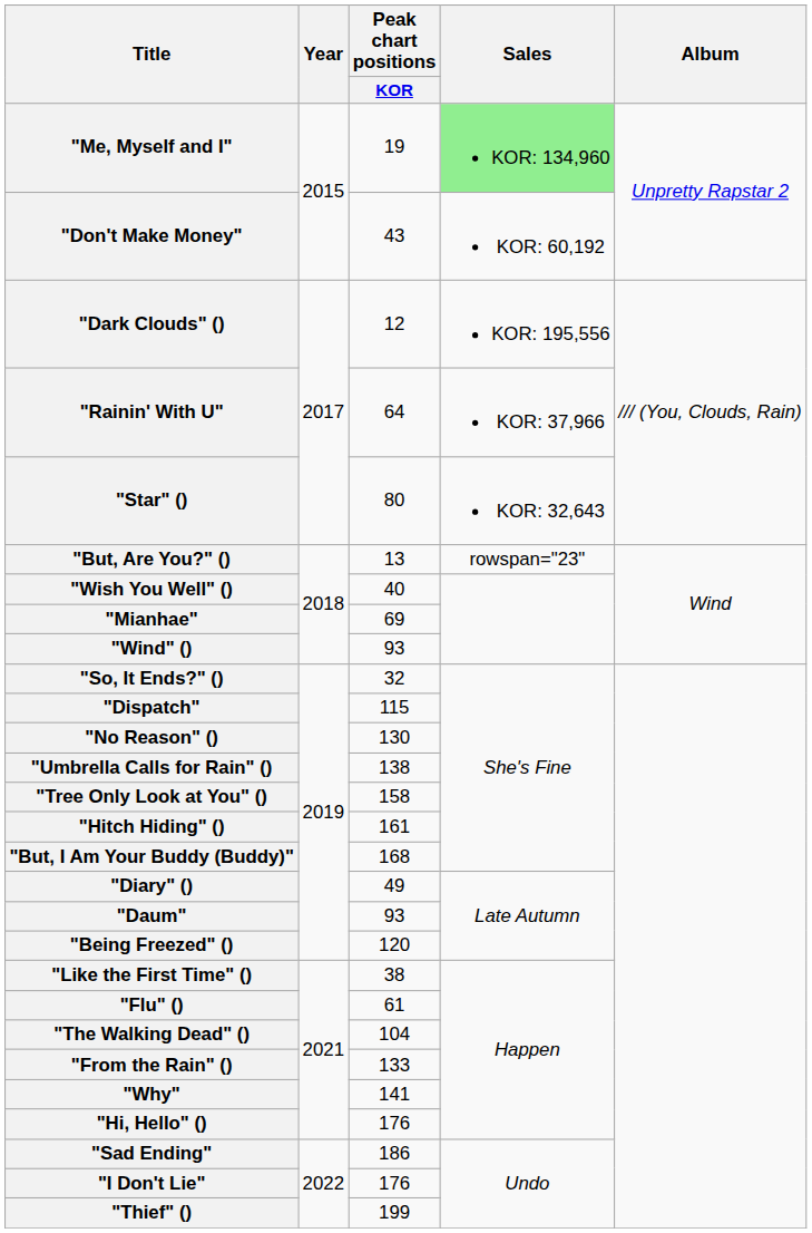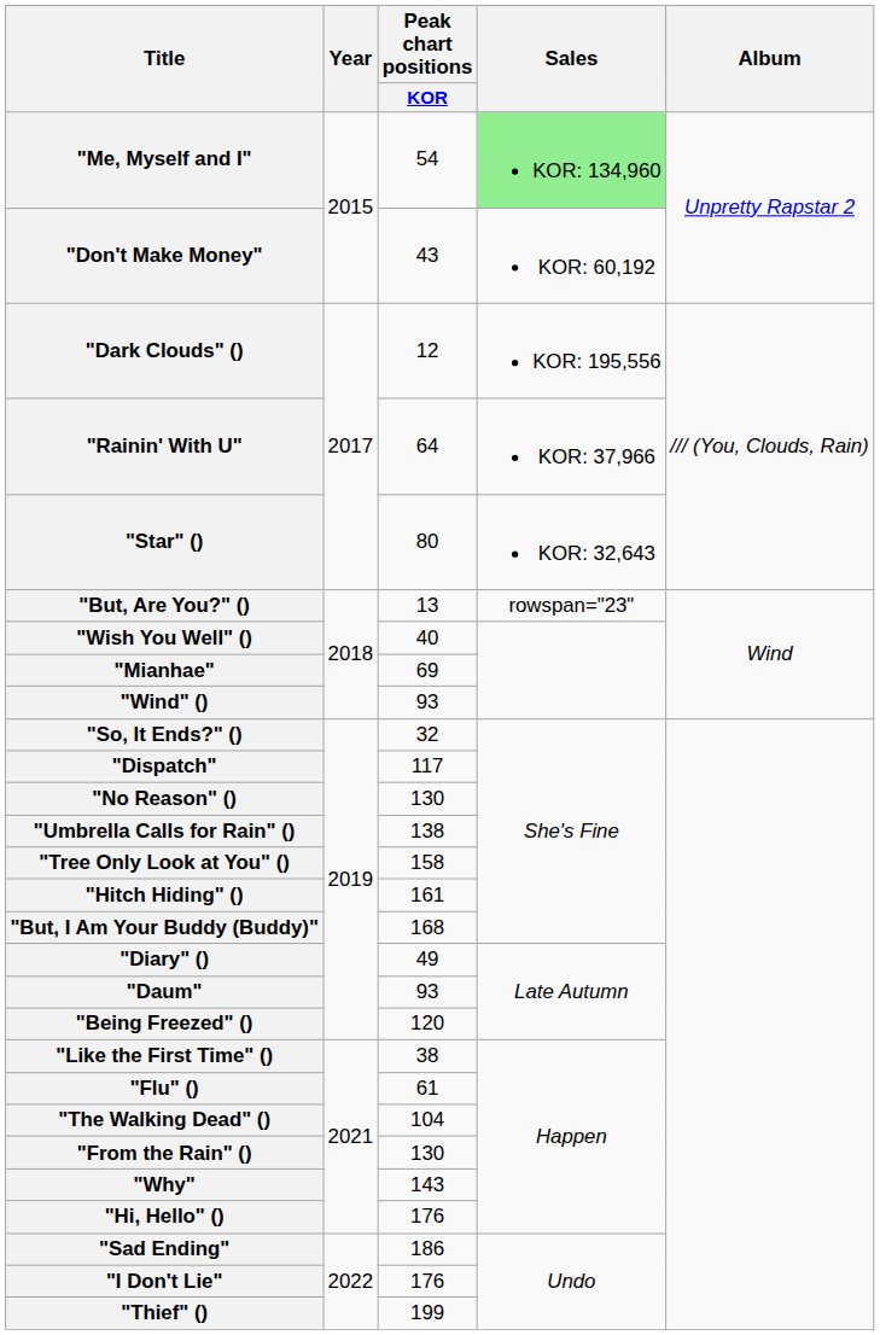 <table class="wikitable plainrowheaders" style="text-align:center;">
 <tr>
 <th rowspan="2">Title</th>
 <th rowspan="2">Year</th>
 <th colspan="1">Peak chart<br>positions</th>
 <th rowspan="2">Sales</th>
 <th rowspan="2">Album</th>
 </tr>
 <tr>
 <th style="width:2.6em;font-size:90%;"><a href='#'>KOR</a><br></th>
 </tr>
 <tr>
 <th scope="row">"Me, Myself and I" </th>
 <td rowspan="2">2015</td>
-<td>19</td>
+<td>54</td>
 <td style="background: lightgreen;"><br><ul><li>KOR: 134,960</li></ul></td>
 <td rowspan="2"><em><a href='#'>Unpretty Rapstar 2</a></em></td>
 </tr>
 <tr>
 <th scope="row">"Don't Make Money" </th>
 <td>43</td>
 <td><br><ul><li>KOR: 60,192</li></ul></td>
 </tr>
 <tr>
 <th scope="row">"Dark Clouds" () </th>
 <td rowspan="3">2017</td>
 <td>12</td>
 <td><br><ul><li>KOR: 195,556</li></ul></td>
 <td rowspan="3"><em>/// (You, Clouds, Rain)</em></td>
 </tr>
 <tr>
 <th scope="row">"Rainin' With U"</th>
 <td>64</td>
 <td><br><ul><li>KOR: 37,966</li></ul></td>
 </tr>
 <tr>
 <th scope="row">"Star" () </th>
 <td>80</td>
 <td><br><ul><li>KOR: 32,643</li></ul></td>
 </tr>
 <tr>
 <th scope="row">"But, Are You?" ()</th>
 <td rowspan="4">2018</td>
 <td>13</td>
 <td>rowspan="23" </td>
 <td rowspan="4"><em>Wind</em></td>
 </tr>
 <tr>
 <th scope="row">"Wish You Well" () </th>
 <td>40</td>
 </tr>
 <tr>
 <th scope="row">"Mianhae"</th>
 <td>69</td>
 </tr>
 <tr>
 <th scope="row">"Wind" ()</th>
 <td>93</td>
 </tr>
 <tr>
 <th scope="row">"So, It Ends?" () </th>
 <td rowspan="10">2019</td>
 <td>32</td>
 <td rowspan="7"><em>She's Fine</em></td>
 </tr>
 <tr>
 <th scope="row">"Dispatch" </th>
-<td>115</td>
+<td>117</td>
 </tr>
 <tr>
 <th scope="row">"No Reason" ()</th>
 <td>130</td>
 </tr>
 <tr>
 <th scope="row">"Umbrella Calls for Rain" () </th>
 <td>138</td>
 </tr>
 <tr>
 <th scope="row">"Tree Only Look at You" () </th>
 <td>158</td>
 </tr>
 <tr>
 <th scope="row">"Hitch Hiding" () </th>
 <td>161</td>
 </tr>
 <tr>
 <th scope="row">"But, I Am Your Buddy (Buddy)" </th>
 <td>168</td>
 </tr>
 <tr>
 <th scope="row">"Diary" ()</th>
 <td>49</td>
 <td rowspan="3"><em>Late Autumn</em></td>
 </tr>
 <tr>
 <th scope="row">"Daum" </th>
 <td>93</td>
 </tr>
 <tr>
 <th scope="row">"Being Freezed" ()</th>
 <td>120</td>
 </tr>
 <tr>
 <th scope="row">"Like the First Time" () </th>
 <td rowspan="6">2021</td>
 <td>38</td>
 <td rowspan="6"><em>Happen</em></td>
 </tr>
 <tr>
 <th scope="row">"Flu" () </th>
 <td>61</td>
 </tr>
 <tr>
 <th scope="row">"The Walking Dead" () </th>
 <td>104</td>
 </tr>
 <tr>
 <th scope="row">"From the Rain" () </th>
-<td>133</td>
+<td>130</td>
 </tr>
 <tr>
 <th scope="row">"Why"</th>
-<td>141</td>
+<td>143</td>
 </tr>
 <tr>
 <th scope="row">"Hi, Hello" ()</th>
 <td>176</td>
 </tr>
 <tr>
 <th scope="row">"Sad Ending" </th>
 <td rowspan="3">2022</td>
 <td>186</td>
 <td rowspan="3"><em>Undo</em></td>
 </tr>
 <tr>
 <th scope="row">"I Don't Lie" </th>
 <td>176</td>
 </tr>
 <tr>
 <th scope="row">"Thief" () </th>
 <td>199</td>
 </tr>
 </table>
